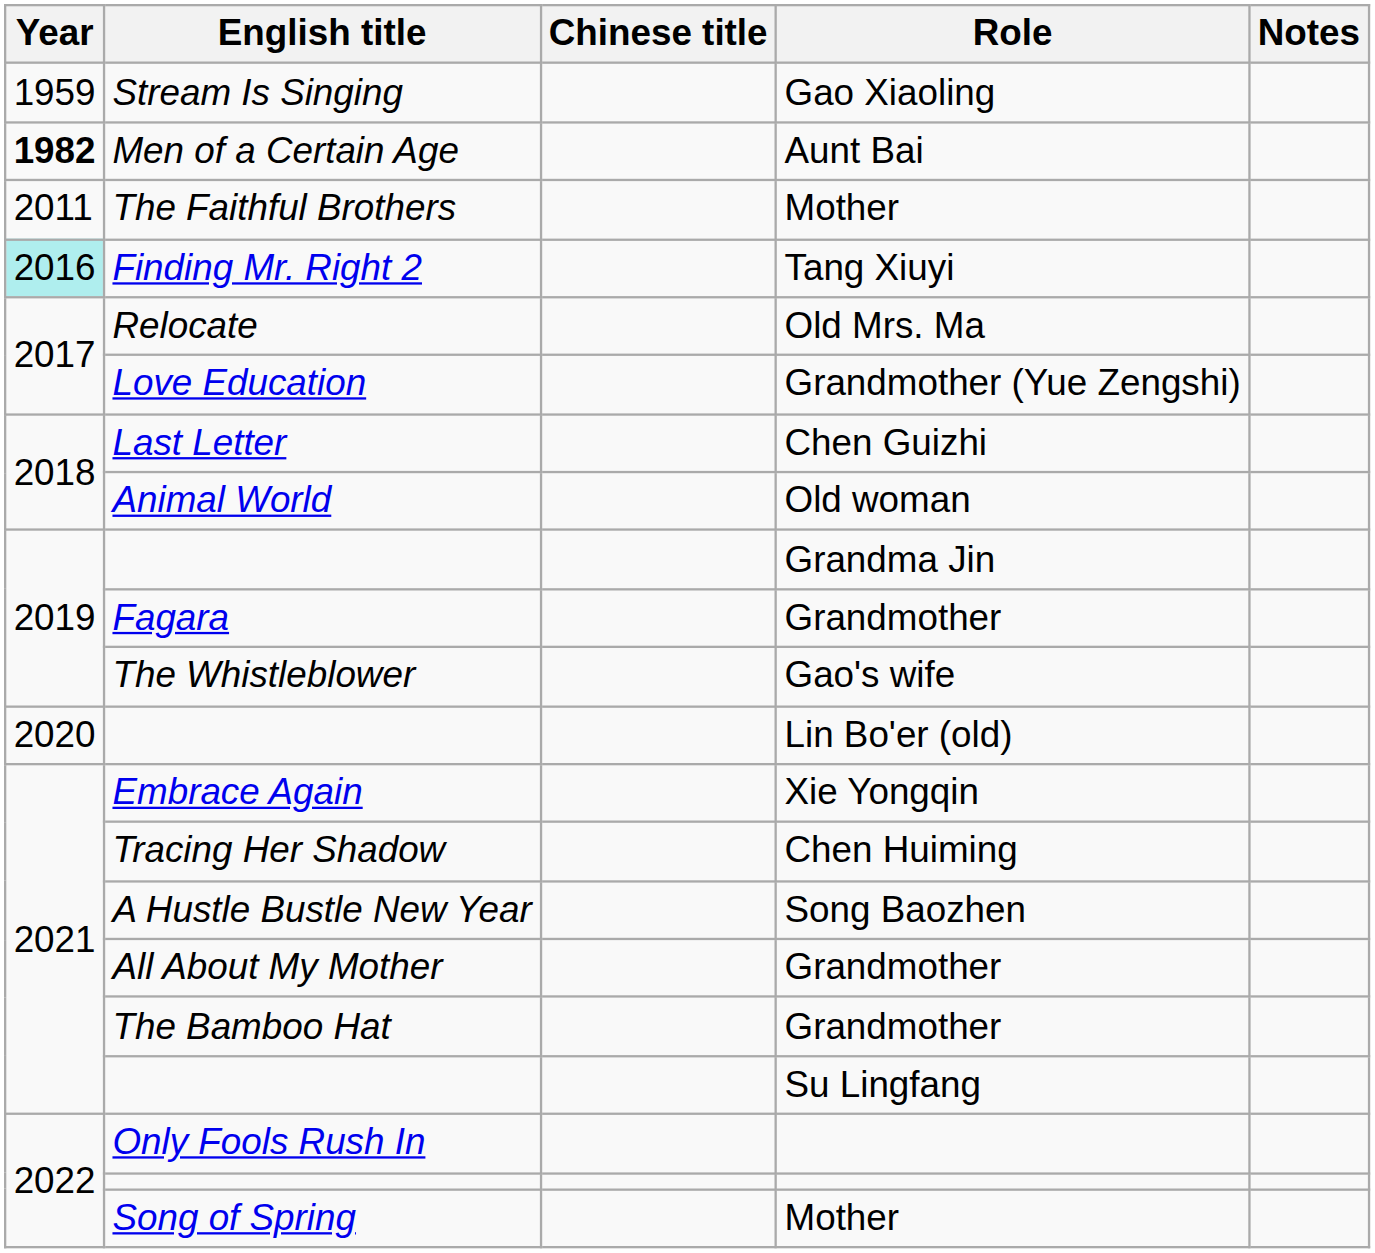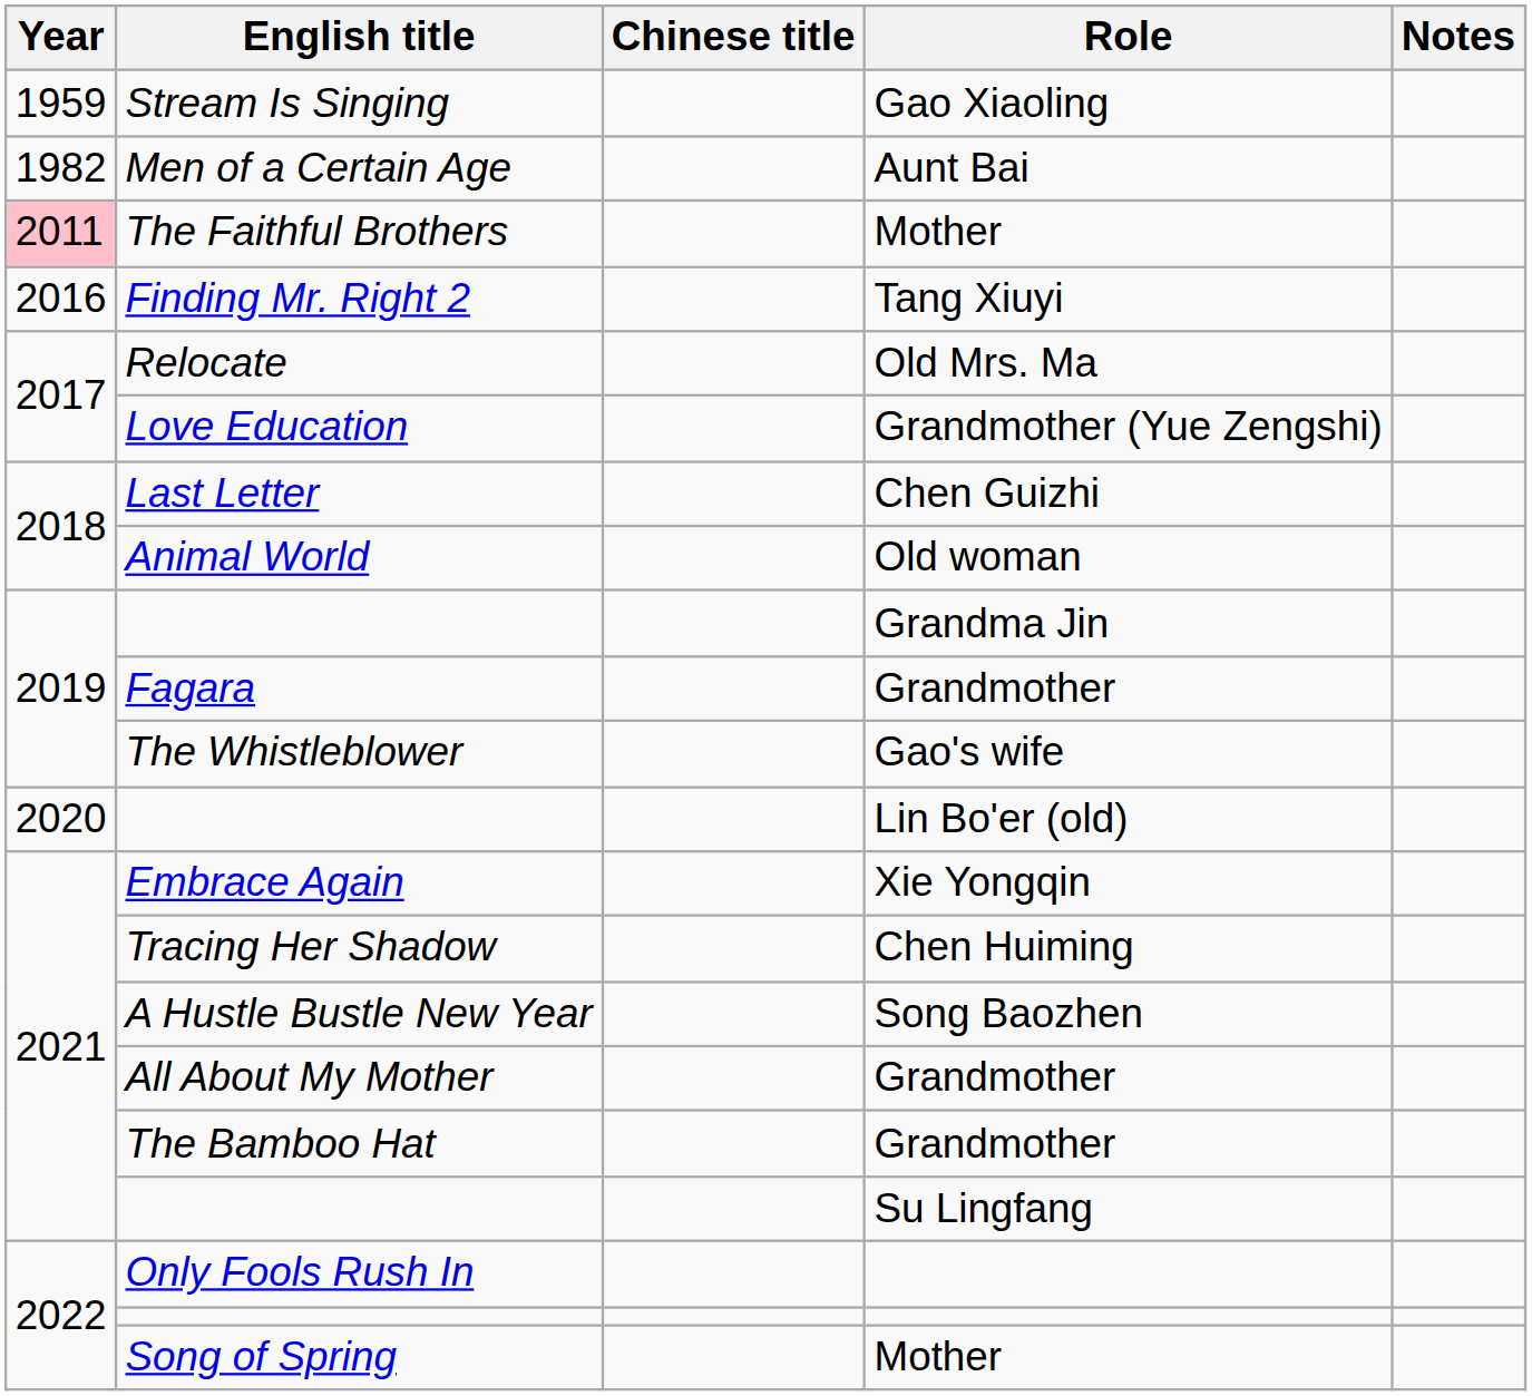 <table class="wikitable sortable">
 <tr>
 <th>Year</th>
 <th>English title</th>
 <th>Chinese title</th>
 <th>Role</th>
 <th class="unsortable">Notes</th>
 </tr>
 <tr>
 <td>1959</td>
 <td><em>Stream Is Singing</em></td>
 <td></td>
 <td>Gao Xiaoling</td>
 <td></td>
 </tr>
 <tr>
-<td><strong>1982</strong></td>
+<td>1982</td>
 <td><em>Men of a Certain Age</em></td>
 <td></td>
 <td>Aunt Bai</td>
 <td></td>
 </tr>
 <tr>
-<td>2011</td>
+<td style="background: pink;">2011</td>
 <td><em>The Faithful Brothers</em></td>
 <td></td>
 <td>Mother</td>
 <td></td>
 </tr>
 <tr>
-<td style="background: paleturquoise;">2016</td>
+<td>2016</td>
 <td><em><a href='#'>Finding Mr. Right 2</a></em></td>
 <td></td>
 <td>Tang Xiuyi</td>
 <td></td>
 </tr>
 <tr>
 <td rowspan="2">2017</td>
 <td><em>Relocate</em></td>
 <td></td>
 <td>Old Mrs. Ma</td>
 <td></td>
 </tr>
 <tr>
 <td><em><a href='#'>Love Education</a></em></td>
 <td></td>
 <td>Grandmother (Yue Zengshi)</td>
 <td></td>
 </tr>
 <tr>
 <td rowspan="2">2018</td>
 <td><em><a href='#'>Last Letter</a></em></td>
 <td></td>
 <td>Chen Guizhi</td>
 <td></td>
 </tr>
 <tr>
 <td><em><a href='#'>Animal World</a></em></td>
 <td></td>
 <td>Old woman</td>
 <td></td>
 </tr>
 <tr>
 <td rowspan="3">2019</td>
 <td></td>
 <td></td>
 <td>Grandma Jin</td>
 <td></td>
 </tr>
 <tr>
 <td><em><a href='#'>Fagara</a></em></td>
 <td></td>
 <td>Grandmother</td>
 <td></td>
 </tr>
 <tr>
 <td><em>The Whistleblower</em></td>
 <td></td>
 <td>Gao's wife</td>
 <td></td>
 </tr>
 <tr>
 <td>2020</td>
 <td></td>
 <td></td>
 <td>Lin Bo'er (old)</td>
 <td></td>
 </tr>
 <tr>
 <td rowspan="6">2021</td>
 <td><em><a href='#'>Embrace Again</a></em></td>
 <td></td>
 <td>Xie Yongqin</td>
 <td></td>
 </tr>
 <tr>
 <td><em>Tracing Her Shadow</em></td>
 <td></td>
 <td>Chen Huiming</td>
 <td></td>
 </tr>
 <tr>
 <td><em>A Hustle Bustle New Year</em></td>
 <td></td>
 <td>Song Baozhen</td>
 <td></td>
 </tr>
 <tr>
 <td><em>All About My Mother</em></td>
 <td></td>
 <td>Grandmother</td>
 <td></td>
 </tr>
 <tr>
 <td><em>The Bamboo Hat</em></td>
 <td></td>
 <td>Grandmother</td>
 <td></td>
 </tr>
 <tr>
 <td></td>
 <td></td>
 <td>Su Lingfang</td>
 <td></td>
 </tr>
 <tr>
 <td rowspan="3">2022</td>
 <td><em><a href='#'>Only Fools Rush In</a></em></td>
 <td></td>
 <td></td>
 <td></td>
 </tr>
 <tr>
 <td></td>
 <td></td>
 <td></td>
 <td></td>
 </tr>
 <tr>
 <td><em><a href='#'>Song of Spring</a></em></td>
 <td></td>
 <td>Mother</td>
 <td></td>
 </tr>
 </table>
